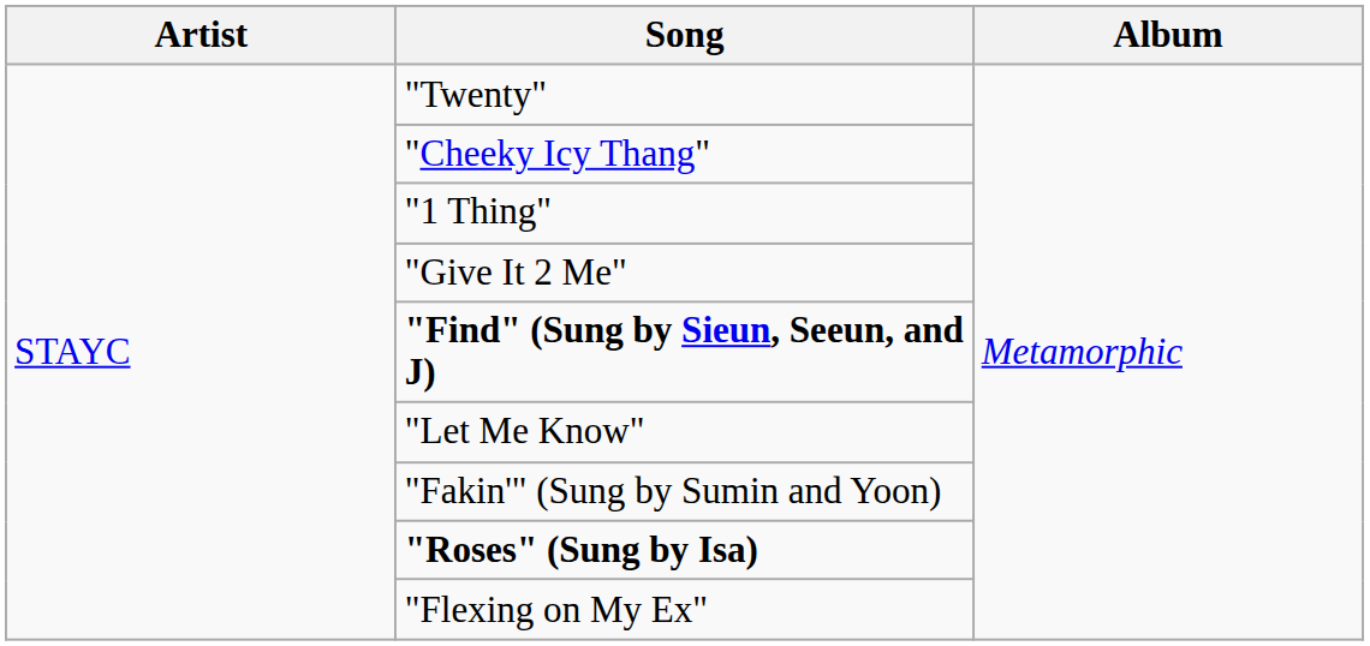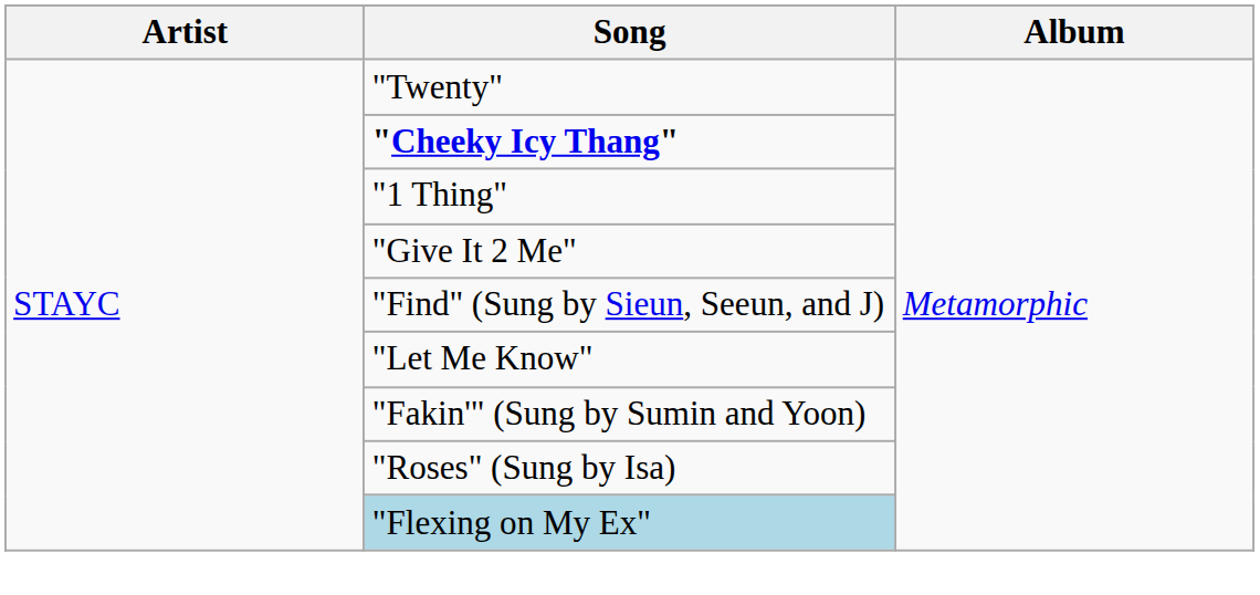 <table class="wikitable sortable">
 <tr>
 <th style="width:10em;">Artist</th>
 <th style="width:15em;">Song</th>
 <th style="width:10em;">Album</th>
 </tr>
 <tr>
 <td rowspan="9"><a href='#'>STAYC</a></td>
 <td>"Twenty"</td>
 <td rowspan="9"><em><a href='#'>Metamorphic</a></em></td>
 </tr>
 <tr>
-<td>"<a href='#'>Cheeky Icy Thang</a>"</td>
+<td><strong>"<a href='#'>Cheeky Icy Thang</a>"</strong></td>
 </tr>
 <tr>
 <td>"1 Thing"</td>
 </tr>
 <tr>
 <td>"Give It 2 Me"</td>
 </tr>
 <tr>
-<td><strong>"Find" (Sung by <a href='#'>Sieun</a>, Seeun, and J)</strong></td>
+<td>"Find" (Sung by <a href='#'>Sieun</a>, Seeun, and J)</td>
 </tr>
 <tr>
 <td>"Let Me Know"</td>
 </tr>
 <tr>
 <td>"Fakin'" (Sung by Sumin and Yoon)</td>
 </tr>
 <tr>
-<td><strong>"Roses" (Sung by Isa)</strong></td>
+<td>"Roses" (Sung by Isa)</td>
 </tr>
 <tr>
-<td>"Flexing on My Ex"</td>
+<td style="background: lightblue;">"Flexing on My Ex"</td>
 </tr>
 </table>
